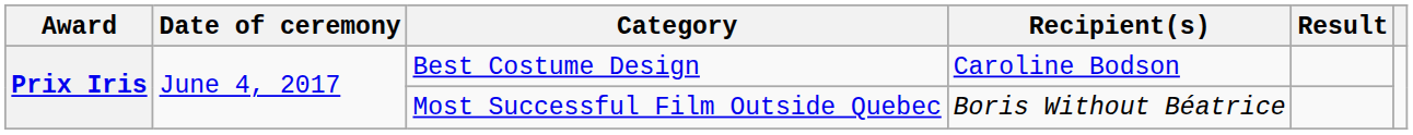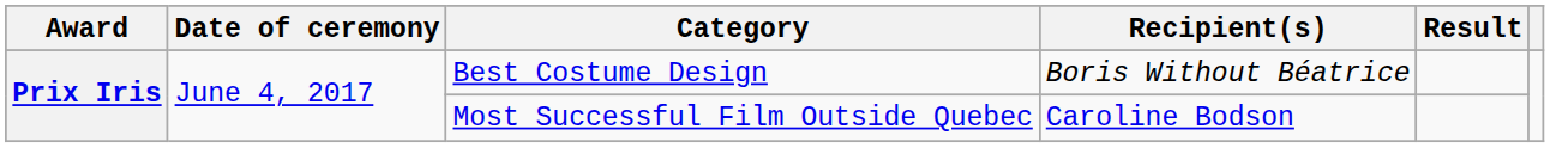 <table class="wikitable plainrowheaders sortable">
 <tr>
 <th scope=col>Award</th>
 <th scope=col>Date of ceremony</th>
 <th scope=col>Category</th>
 <th scope=col>Recipient(s)</th>
 <th scope=col>Result</th>
 <th scope=col class=unsortable></th>
 </tr>
 <tr>
 <th scope=row rowspan=2><a href='#'>Prix Iris</a></th>
 <td rowspan=2><a href='#'>June 4, 2017</a></td>
 <td><a href='#'>Best Costume Design</a></td>
-<td><a href='#'>Caroline Bodson</a></td>
+<td><em>Boris Without Béatrice</em></td>
 <td></td>
 <td rowspan=2></td>
 </tr>
 <tr>
 <td><a href='#'>Most Successful Film Outside Quebec</a></td>
-<td><em>Boris Without Béatrice</em></td>
+<td><a href='#'>Caroline Bodson</a></td>
 <td></td>
 </tr>
 </table>
